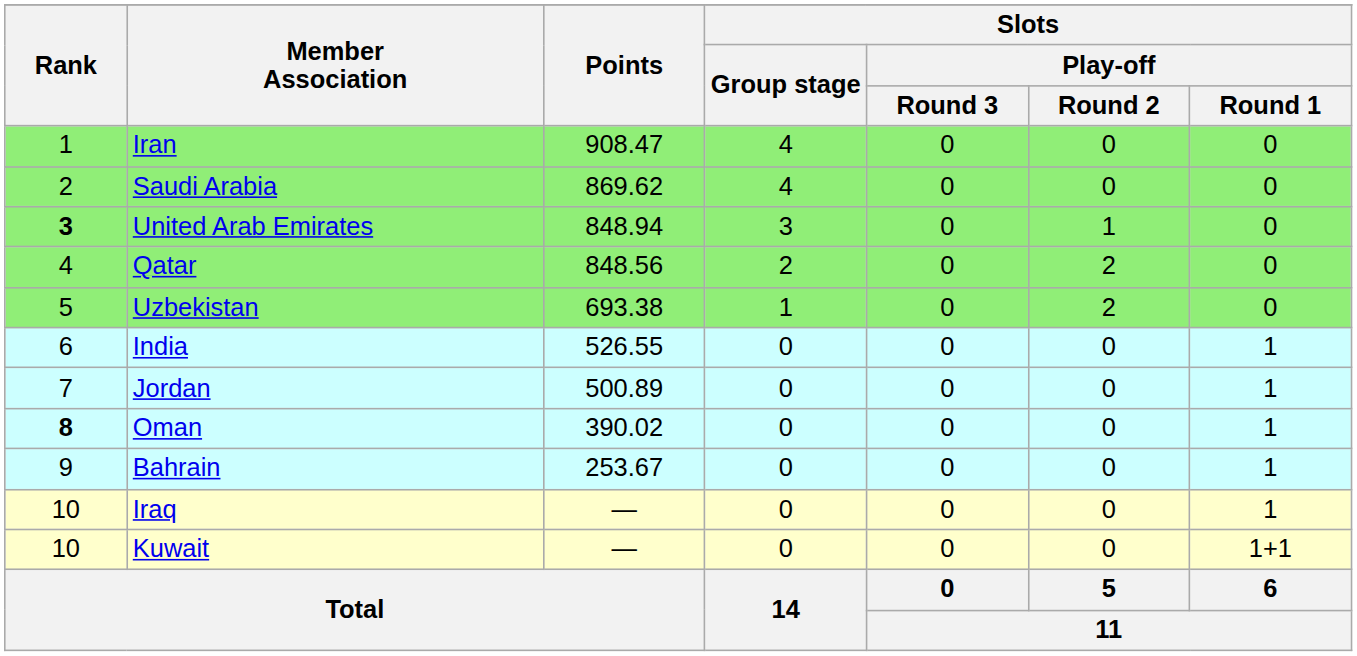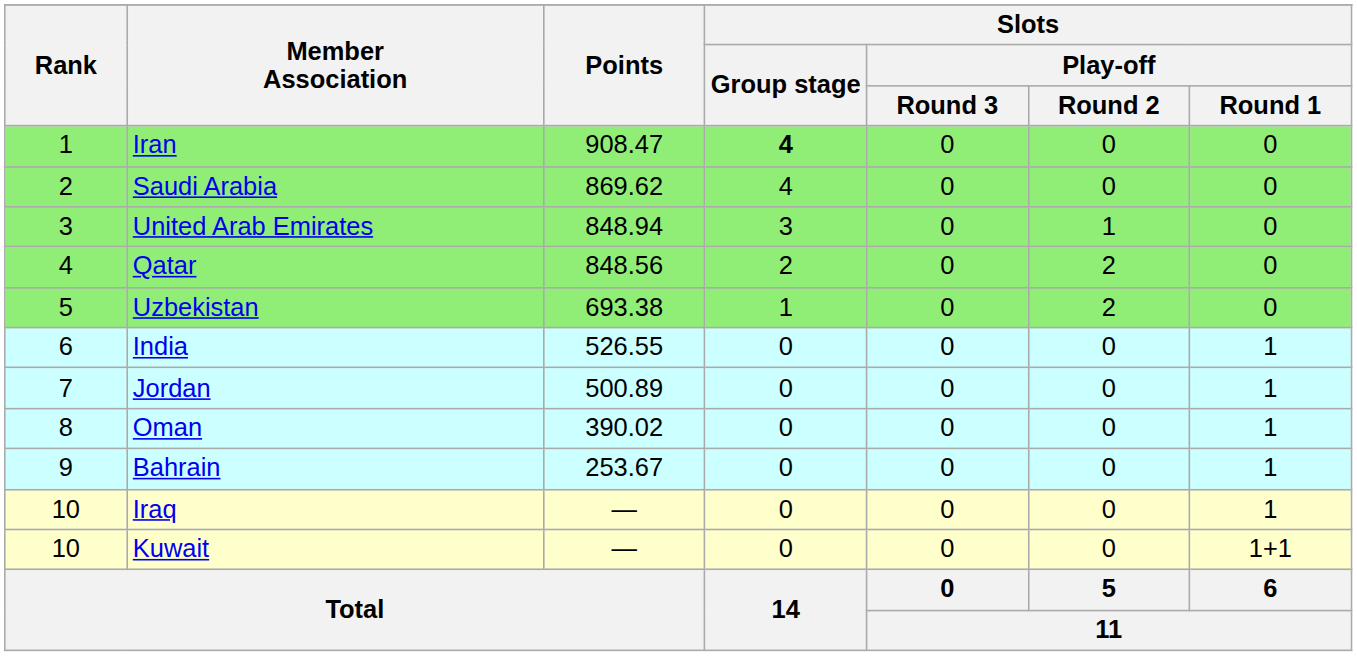 <table class="wikitable" style="text-align:center">
 <tr>
 </tr>
 <tr>
 <th rowspan=3>Rank</th>
 <th rowspan=3>Member<br>Association</th>
 <th rowspan=3 width=12%>Points</th>
 <th colspan=4>Slots</th>
 </tr>
 <tr>
 <th rowspan=2 width=12%>Group stage</th>
 <th colspan=3>Play-off</th>
 </tr>
 <tr>
 <th width=12%>Round 3</th>
 <th width=12%>Round 2</th>
 <th width=12%>Round 1</th>
 </tr>
 <tr bgcolor=#90EE77>
 <td>1</td>
 <td align=left> <a href='#'>Iran</a></td>
 <td>908.47</td>
-<td>4</td>
+<td><strong>4</strong></td>
 <td>0</td>
 <td>0</td>
 <td>0</td>
 </tr>
 <tr bgcolor=#90EE77>
 <td>2</td>
 <td align=left> <a href='#'>Saudi Arabia</a></td>
 <td>869.62</td>
 <td>4</td>
 <td>0</td>
 <td>0</td>
 <td>0</td>
 </tr>
 <tr bgcolor=#90EE77>
-<td><strong>3</strong></td>
+<td>3</td>
 <td align=left> <a href='#'>United Arab Emirates</a></td>
 <td>848.94</td>
 <td>3</td>
 <td>0</td>
 <td>1</td>
 <td>0</td>
 </tr>
 <tr bgcolor=#90EE77>
 <td>4</td>
 <td align=left> <a href='#'>Qatar</a></td>
 <td>848.56</td>
 <td>2</td>
 <td>0</td>
 <td>2</td>
 <td>0</td>
 </tr>
 <tr bgcolor=#90EE77>
 <td>5</td>
 <td align=left> <a href='#'>Uzbekistan</a></td>
 <td>693.38</td>
 <td>1</td>
 <td>0</td>
 <td>2</td>
 <td>0</td>
 </tr>
 <tr bgcolor=#ccffff>
 <td>6</td>
 <td align=left> <a href='#'>India</a></td>
 <td>526.55</td>
 <td>0</td>
 <td>0</td>
 <td>0</td>
 <td>1</td>
 </tr>
 <tr bgcolor=#ccffff>
 <td>7</td>
 <td align=left> <a href='#'>Jordan</a></td>
 <td>500.89</td>
 <td>0</td>
 <td>0</td>
 <td>0</td>
 <td>1</td>
 </tr>
 <tr bgcolor=#ccffff>
-<td><strong>8</strong></td>
+<td>8</td>
 <td align=left> <a href='#'>Oman</a></td>
 <td>390.02</td>
 <td>0</td>
 <td>0</td>
 <td>0</td>
 <td>1</td>
 </tr>
 <tr bgcolor=#ccffff>
 <td>9</td>
 <td align=left> <a href='#'>Bahrain</a></td>
 <td>253.67</td>
 <td>0</td>
 <td>0</td>
 <td>0</td>
 <td>1</td>
 </tr>
 <tr bgcolor=#ffffcc>
 <td>10</td>
 <td align=left> <a href='#'>Iraq</a></td>
 <td>—</td>
 <td>0</td>
 <td>0</td>
 <td>0</td>
 <td>1</td>
 </tr>
 <tr bgcolor=#ffffcc>
 <td>10</td>
 <td align=left> <a href='#'>Kuwait</a></td>
 <td>—</td>
 <td>0</td>
 <td>0</td>
 <td>0</td>
 <td>1+1</td>
 </tr>
 <tr>
 <th colspan=3 rowspan=2>Total</th>
 <th rowspan=2>14</th>
 <th>0</th>
 <th>5</th>
 <th>6</th>
 </tr>
 <tr>
 <th colspan=3>11</th>
 </tr>
 </table>
